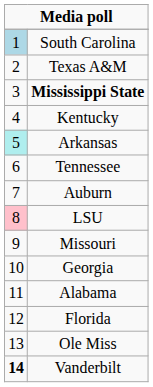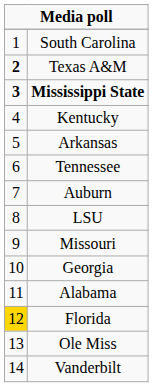 <table class="wikitable">
 <tr align="center">
 <td align="center" Colspan="3"><strong>Media poll</strong></td>
 </tr>
 <tr align="center">
 </tr>
 <tr align="center">
-<td style="background: lightblue;">1</td>
+<td>1</td>
 <td>South Carolina</td>
 </tr>
 <tr align="center">
-<td>2</td>
+<td><strong>2</strong></td>
 <td>Texas A&M</td>
 </tr>
 <tr align="center">
-<td>3</td>
+<td><strong>3</strong></td>
 <td><strong>Mississippi State</strong></td>
 </tr>
 <tr align="center">
 <td>4</td>
 <td>Kentucky</td>
 </tr>
 <tr align="center">
-<td style="background: paleturquoise;">5</td>
+<td>5</td>
 <td>Arkansas</td>
 </tr>
 <tr align="center">
 <td>6</td>
 <td>Tennessee</td>
 </tr>
 <tr align="center">
 <td>7</td>
 <td>Auburn</td>
 </tr>
 <tr align="center">
-<td style="background: pink;">8</td>
+<td>8</td>
 <td>LSU</td>
 </tr>
 <tr align="center">
 <td>9</td>
 <td>Missouri</td>
 </tr>
 <tr align="center">
 <td>10</td>
 <td>Georgia</td>
 </tr>
 <tr align="center">
 <td>11</td>
 <td>Alabama</td>
 </tr>
 <tr align="center">
-<td>12</td>
+<td style="background: gold;">12</td>
 <td>Florida</td>
 </tr>
 <tr align="center">
 <td>13</td>
 <td>Ole Miss</td>
 </tr>
 <tr align="center">
-<td><strong>14</strong></td>
+<td>14</td>
 <td>Vanderbilt</td>
 </tr>
 </table>
